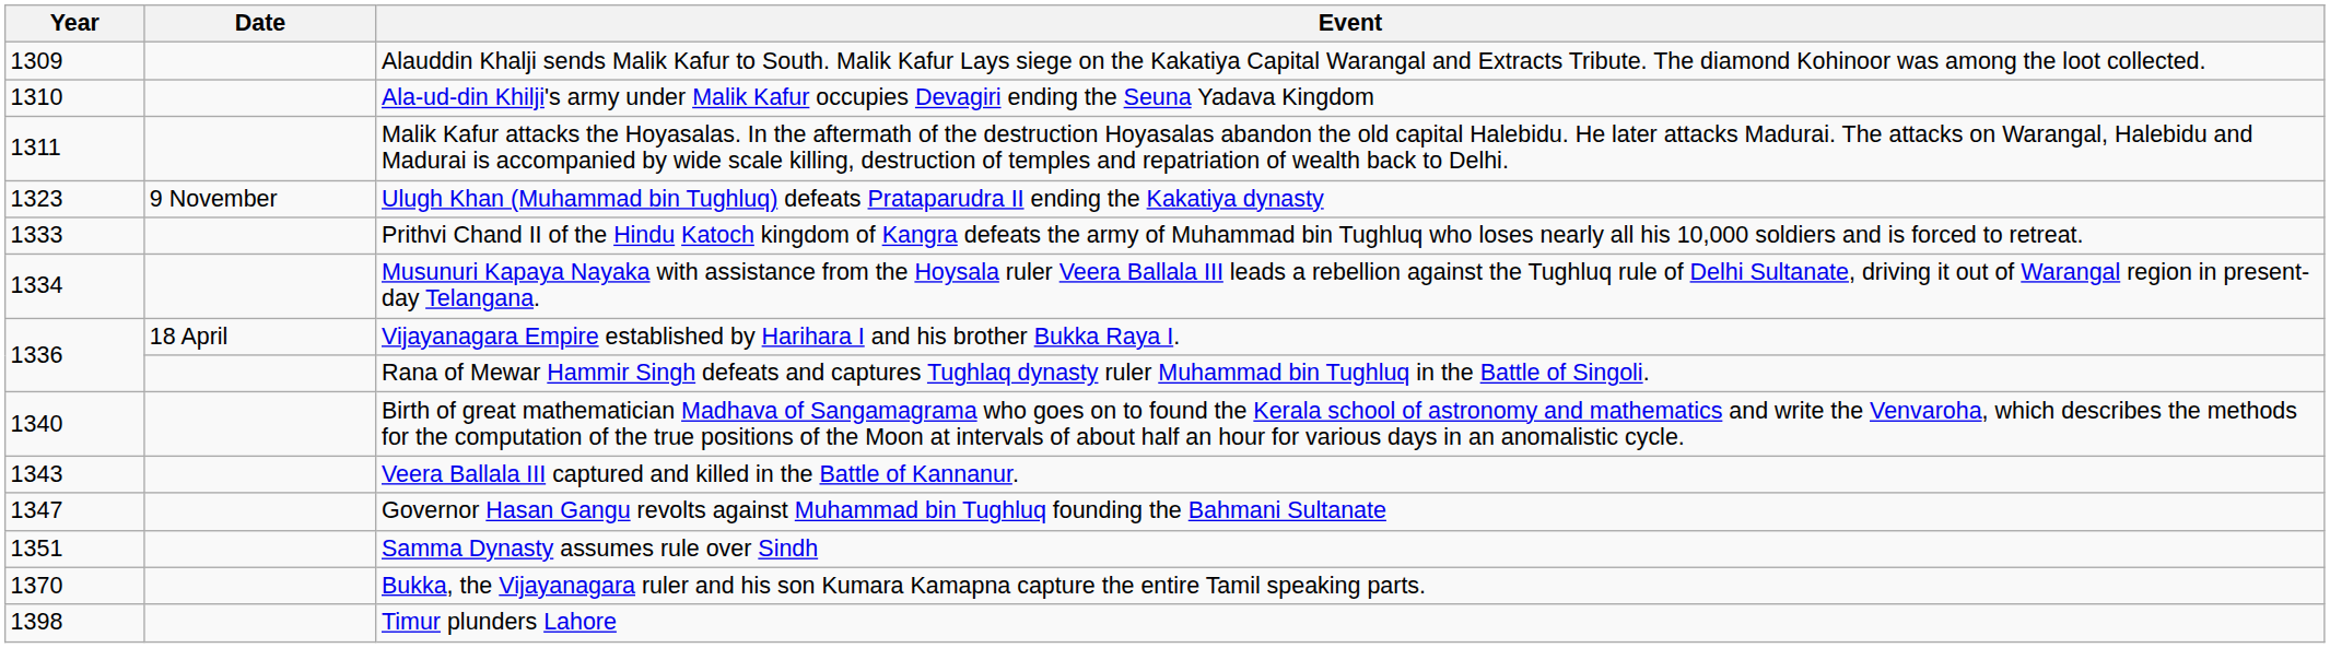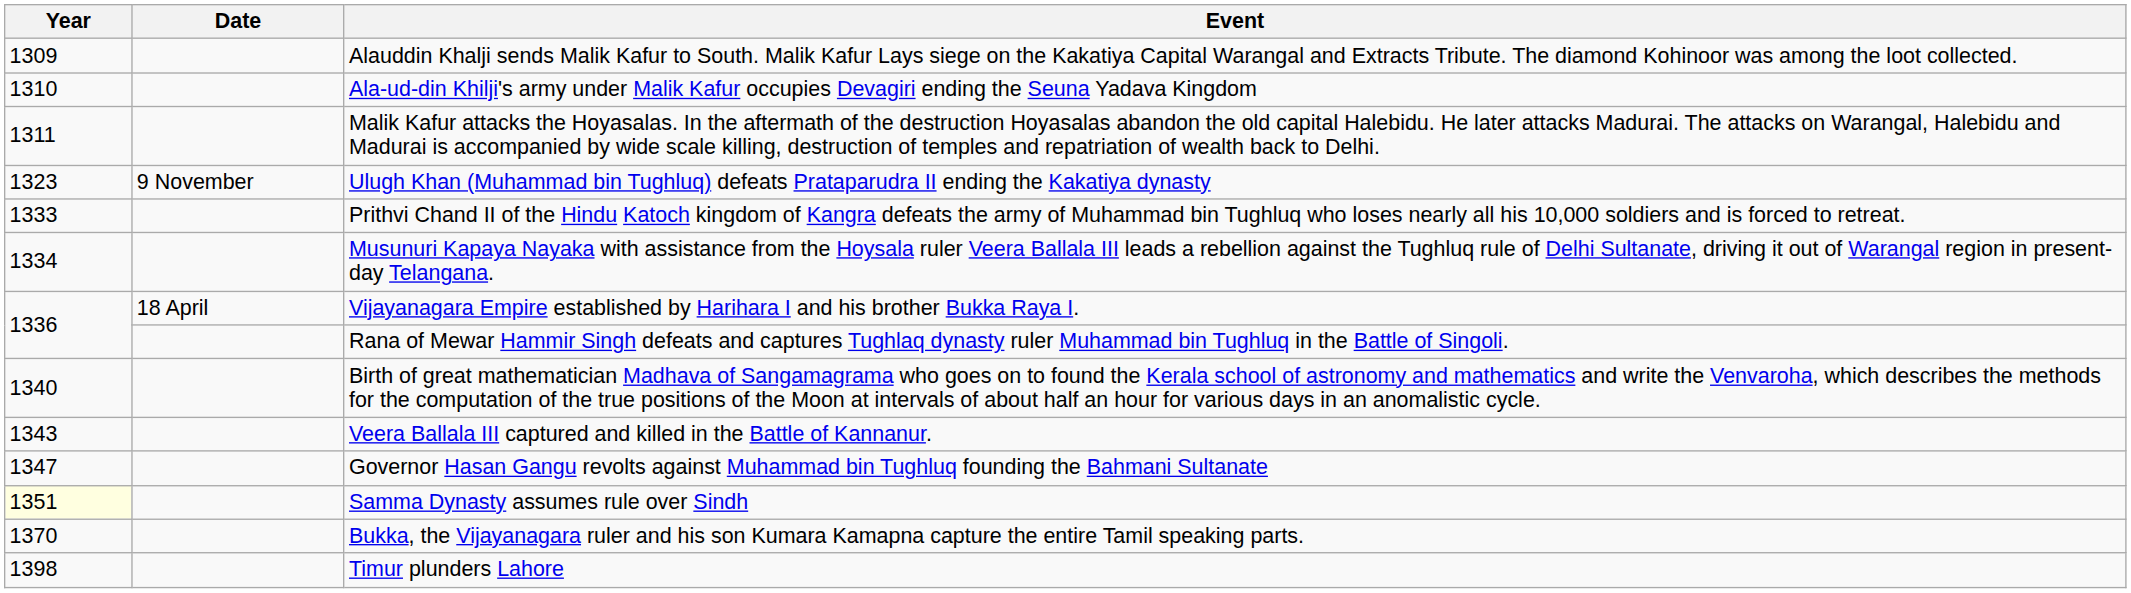 <table class="wikitable" style="width:100%">
 <tr>
 <th style="width:6%">Year</th>
 <th style="width:10%">Date</th>
 <th>Event</th>
 </tr>
 <tr>
 <td>1309</td>
 <td></td>
 <td>Alauddin Khalji sends Malik Kafur to South. Malik Kafur Lays siege on the Kakatiya Capital Warangal and Extracts Tribute. The diamond Kohinoor was among the loot collected.</td>
 </tr>
 <tr>
 <td>1310</td>
 <td></td>
 <td><a href='#'>Ala-ud-din Khilji</a>'s army under <a href='#'>Malik Kafur</a> occupies <a href='#'>Devagiri</a> ending the <a href='#'>Seuna</a> Yadava Kingdom</td>
 </tr>
 <tr>
 <td>1311</td>
 <td></td>
 <td>Malik Kafur attacks the Hoyasalas. In the aftermath of the destruction Hoyasalas abandon the old capital Halebidu. He later attacks Madurai. The attacks on Warangal, Halebidu and Madurai is accompanied by wide scale killing, destruction of temples and repatriation of wealth back to Delhi.</td>
 </tr>
 <tr>
 <td>1323</td>
 <td>9 November</td>
 <td><a href='#'>Ulugh Khan (Muhammad bin Tughluq)</a> defeats <a href='#'>Prataparudra II</a> ending the <a href='#'>Kakatiya dynasty</a></td>
 </tr>
 <tr>
 <td>1333</td>
 <td></td>
 <td>Prithvi Chand II of the <a href='#'>Hindu</a> <a href='#'>Katoch</a> kingdom of <a href='#'>Kangra</a> defeats the army of Muhammad bin Tughluq who loses nearly all his 10,000 soldiers and is forced to retreat.</td>
 </tr>
 <tr>
 <td>1334</td>
 <td></td>
 <td><a href='#'>Musunuri Kapaya Nayaka</a> with assistance from the <a href='#'>Hoysala</a> ruler <a href='#'>Veera Ballala III</a> leads a rebellion against the Tughluq rule of <a href='#'>Delhi Sultanate</a>, driving it out of <a href='#'>Warangal</a> region in present-day <a href='#'>Telangana</a>.</td>
 </tr>
 <tr>
 <td rowspan="2" style="vertical-align:middle;">1336</td>
 <td>18 April</td>
 <td><a href='#'>Vijayanagara Empire</a> established by <a href='#'>Harihara I</a> and his brother <a href='#'>Bukka Raya I</a>.</td>
 </tr>
 <tr>
 <td></td>
 <td>Rana of Mewar <a href='#'>Hammir Singh</a> defeats and captures <a href='#'>Tughlaq dynasty</a> ruler <a href='#'>Muhammad bin Tughluq</a> in the <a href='#'>Battle of Singoli</a>.</td>
 </tr>
 <tr>
 <td>1340</td>
 <td></td>
 <td>Birth of great mathematician <a href='#'>Madhava of Sangamagrama</a> who goes on to found the <a href='#'>Kerala school of astronomy and mathematics</a> and write the <a href='#'>Venvaroha</a>, which describes the methods for the computation of the true positions of the Moon at intervals of about half an hour for various days in an anomalistic cycle.</td>
 </tr>
 <tr>
 <td>1343</td>
 <td></td>
 <td><a href='#'>Veera Ballala III</a> captured and killed in the <a href='#'>Battle of Kannanur</a>.</td>
 </tr>
 <tr>
 <td>1347</td>
 <td></td>
 <td>Governor <a href='#'>Hasan Gangu</a> revolts against <a href='#'>Muhammad bin Tughluq</a> founding the <a href='#'>Bahmani Sultanate</a></td>
 </tr>
 <tr>
-<td>1351</td>
+<td style="background: lightyellow;">1351</td>
 <td></td>
 <td><a href='#'>Samma Dynasty</a> assumes rule over <a href='#'>Sindh</a></td>
 </tr>
 <tr>
 <td>1370</td>
 <td></td>
 <td><a href='#'>Bukka</a>, the <a href='#'>Vijayanagara</a> ruler and his son Kumara Kamapna capture the entire Tamil speaking parts.</td>
 </tr>
 <tr>
 <td>1398</td>
 <td></td>
 <td><a href='#'>Timur</a> plunders <a href='#'>Lahore</a></td>
 </tr>
 </table>
